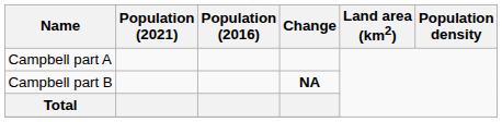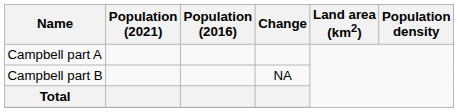 <table class="wikitable sortable collapsible">
 <tr>
 <th scope="col">Name</th>
 <th scope="col">Population<br>(2021)</th>
 <th scope="col">Population<br>(2016)</th>
 <th scope="col">Change</th>
 <th scope="col">Land area<br>(km<sup>2</sup>)</th>
 <th scope="col">Population<br>density</th>
 </tr>
 <tr>
 <td scope="row">Campbell part A</td>
 <td></td>
 <td align=center></td>
 <td align=center></td>
 </tr>
 <tr>
 <td scope="row">Campbell part B</td>
 <td></td>
 <td align=center></td>
-<td align=center><strong>NA</strong></td>
+<td align=center>NA</td>
 </tr>
 <tr class="sortbottom" align="center" style="background: #f2f2f2;">
 <td><strong>Total</strong></td>
 <td></td>
 <td align=center><strong></strong></td>
 <td><strong></strong></td>
 </tr>
 <tr>
 </tr>
 </table>
